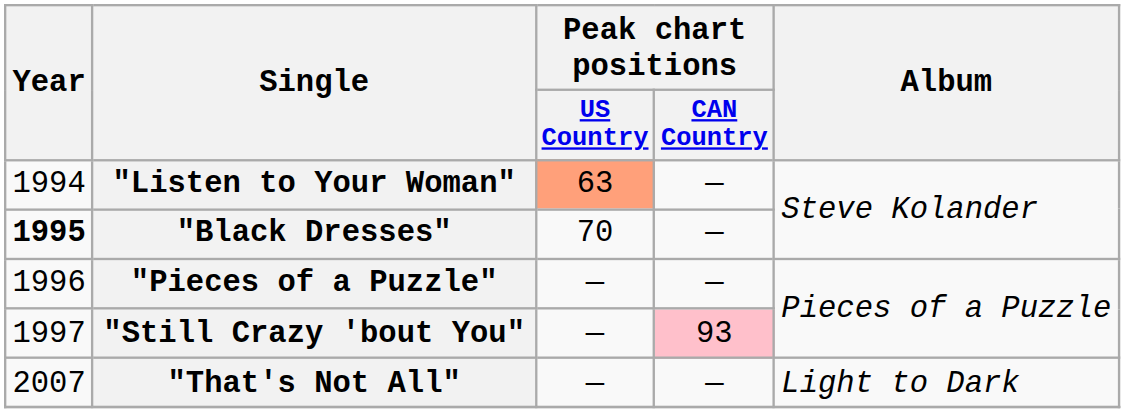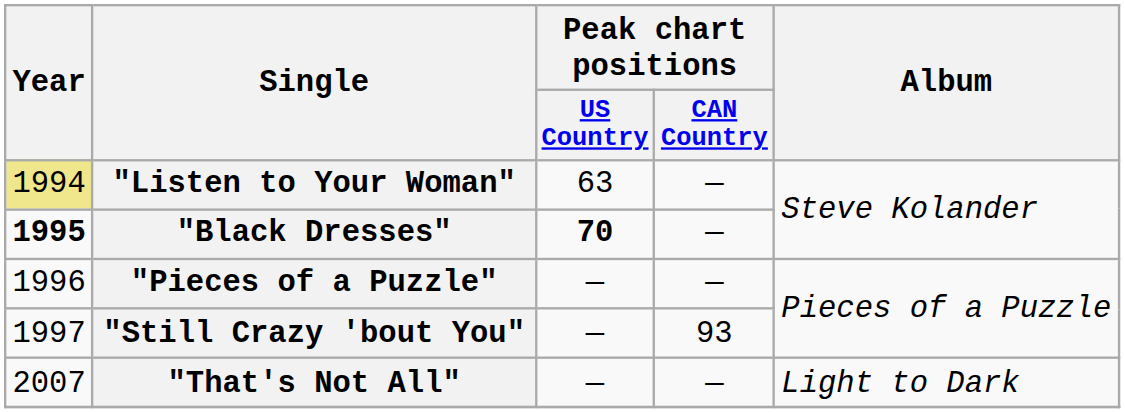 <table class="wikitable plainrowheaders" style="text-align:center;">
 <tr>
 <th rowspan="2">Year</th>
 <th rowspan="2" style="width:14em;">Single</th>
 <th colspan="2">Peak chart<br>positions</th>
 <th rowspan="2">Album</th>
 </tr>
 <tr style="font-size:smaller;">
 <th width="45"><a href='#'>US Country</a></th>
 <th width="45"><a href='#'>CAN Country</a></th>
 </tr>
 <tr>
-<td>1994</td>
+<td style="background: khaki;">1994</td>
 <th scope="row">"Listen to Your Woman"</th>
-<td style="background: lightsalmon;">63</td>
+<td>63</td>
 <td>—</td>
 <td align="left" rowspan="2"><em>Steve Kolander</em></td>
 </tr>
 <tr>
 <td><strong>1995</strong></td>
 <th scope="row">"Black Dresses"</th>
-<td>70</td>
+<td><strong>70</strong></td>
 <td>—</td>
 </tr>
 <tr>
 <td>1996</td>
 <th scope="row">"Pieces of a Puzzle"</th>
 <td>—</td>
 <td>—</td>
 <td align="left" rowspan="2"><em>Pieces of a Puzzle</em></td>
 </tr>
 <tr>
 <td>1997</td>
 <th scope="row">"Still Crazy 'bout You"</th>
 <td>—</td>
-<td style="background: pink;">93</td>
+<td>93</td>
 </tr>
 <tr>
 <td>2007</td>
 <th scope="row">"That's Not All"</th>
 <td>—</td>
 <td>—</td>
 <td align="left"><em>Light to Dark</em></td>
 </tr>
 <tr>
 </tr>
 </table>
